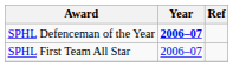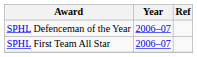 <table class="wikitable">
 <tr>
 <th>Award</th>
 <th>Year</th>
 <th>Ref</th>
 </tr>
 <tr>
 <td><a href='#'>SPHL</a> Defenceman of the Year</td>
-<td><strong><a href='#'>2006–07</a></strong></td>
+<td><a href='#'>2006–07</a></td>
 <td></td>
 </tr>
 <tr>
 <td><a href='#'>SPHL</a> First Team All Star</td>
 <td><a href='#'>2006–07</a></td>
 <td></td>
 </tr>
 <tr>
 </tr>
 </table>
